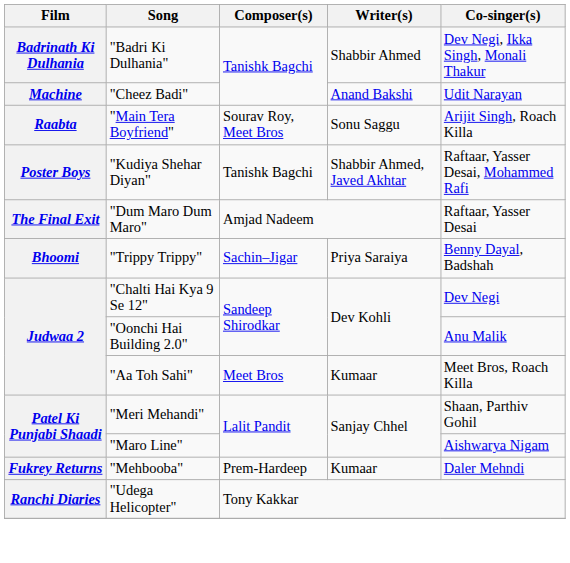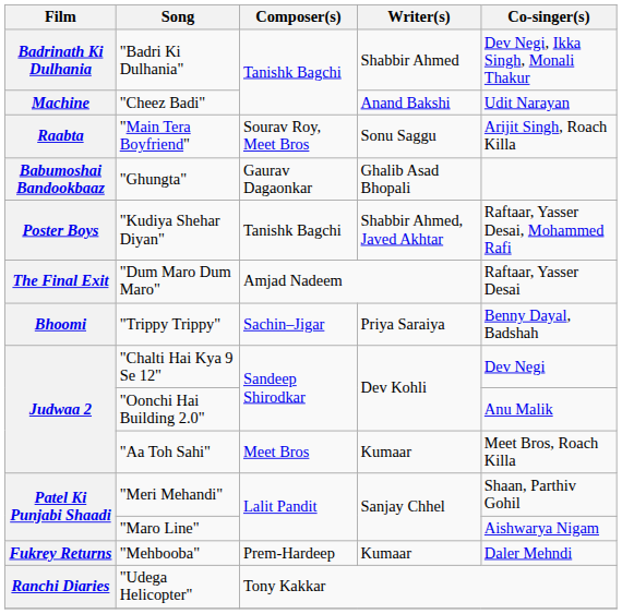 <table class="wikitable plainrowheaders" width="100%">
 <tr>
 <th width=18%>Film</th>
 <th width=20%>Song</th>
 <th width=19%>Composer(s)</th>
 <th width=20%>Writer(s)</th>
 <th width=22%>Co-singer(s)</th>
 </tr>
 <tr>
 <th scope=row><em><a href='#'>Badrinath Ki Dulhania</a></em></th>
 <td>"Badri Ki Dulhania"</td>
 <td rowspan=2><a href='#'>Tanishk Bagchi</a></td>
 <td>Shabbir Ahmed</td>
 <td><a href='#'>Dev Negi</a>, <a href='#'>Ikka Singh</a>, <a href='#'>Monali Thakur</a></td>
 </tr>
 <tr>
 <th scope=row><em><a href='#'>Machine</a></em></th>
 <td>"Cheez Badi"</td>
 <td><a href='#'>Anand Bakshi</a></td>
 <td><a href='#'>Udit Narayan</a></td>
 </tr>
 <tr>
 <th scope=row><em><a href='#'>Raabta</a></em></th>
 <td>"<a href='#'>Main Tera Boyfriend</a>"</td>
 <td>Sourav Roy, <a href='#'>Meet Bros</a></td>
 <td>Sonu Saggu</td>
 <td><a href='#'>Arijit Singh</a>, Roach Killa</td>
+</tr>
+<tr>
+<th scope=row><em><a href='#'>Babumoshai Bandookbaaz</a></em></th>
+<td>"Ghungta"</td>
+<td>Gaurav Dagaonkar</td>
+<td>Ghalib Asad Bhopali</td>
+<td></td>
 </tr>
 <tr>
 <th scope=row><em><a href='#'>Poster Boys</a></em></th>
 <td>"Kudiya Shehar Diyan"</td>
 <td>Tanishk Bagchi</td>
 <td>Shabbir Ahmed, <a href='#'>Javed Akhtar</a></td>
 <td>Raftaar, Yasser Desai, <a href='#'>Mohammed Rafi</a></td>
 </tr>
 <tr>
 <th scope=row><em><a href='#'>The Final Exit</a></em></th>
 <td>"Dum Maro Dum Maro"</td>
 <td colspan=2>Amjad Nadeem</td>
 <td>Raftaar, Yasser Desai</td>
 </tr>
 <tr>
 <th scope=row><em><a href='#'>Bhoomi</a></em></th>
 <td>"Trippy Trippy"</td>
 <td><a href='#'>Sachin–Jigar</a></td>
 <td>Priya Saraiya</td>
 <td><a href='#'>Benny Dayal</a>, Badshah</td>
 </tr>
 <tr>
 <th scope=row rowspan=3><em><a href='#'>Judwaa 2</a></em></th>
 <td>"Chalti Hai Kya 9 Se 12"</td>
 <td rowspan=2><a href='#'>Sandeep Shirodkar</a></td>
 <td rowspan=2>Dev Kohli</td>
 <td><a href='#'>Dev Negi</a></td>
 </tr>
 <tr>
 <td>"Oonchi Hai Building 2.0"</td>
 <td><a href='#'>Anu Malik</a></td>
 </tr>
 <tr>
 <td>"Aa Toh Sahi"</td>
 <td><a href='#'>Meet Bros</a></td>
 <td>Kumaar</td>
 <td>Meet Bros, Roach Killa</td>
 </tr>
 <tr>
 <th scope=row rowspan=2><em><a href='#'>Patel Ki Punjabi Shaadi</a></em></th>
 <td>"Meri Mehandi"</td>
 <td rowspan=2><a href='#'>Lalit Pandit</a></td>
 <td rowspan=2>Sanjay Chhel</td>
 <td>Shaan, Parthiv Gohil</td>
 </tr>
 <tr>
 <td>"Maro Line"</td>
 <td><a href='#'>Aishwarya Nigam</a></td>
 </tr>
 <tr>
 <th scope=row><em><a href='#'>Fukrey Returns</a></em></th>
 <td>"Mehbooba"</td>
 <td>Prem-Hardeep</td>
 <td>Kumaar</td>
 <td><a href='#'>Daler Mehndi</a></td>
 </tr>
 <tr>
 <th scope=row><em><a href='#'>Ranchi Diaries</a></em></th>
 <td>"Udega Helicopter"</td>
 <td colspan="3">Tony Kakkar</td>
 </tr>
 <tr>
 </tr>
 </table>
